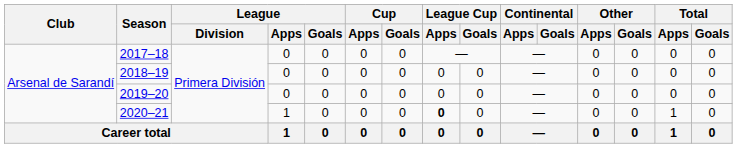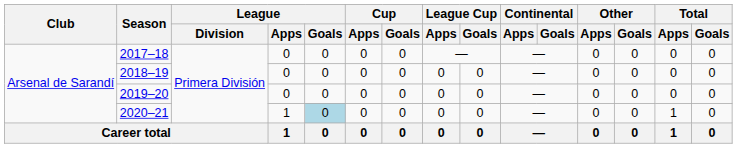 <table class="wikitable" style="text-align:center">
 <tr>
 <th rowspan="2">Club</th>
 <th rowspan="2">Season</th>
 <th colspan="3">League</th>
 <th colspan="2">Cup</th>
 <th colspan="2">League Cup</th>
 <th colspan="2">Continental</th>
 <th colspan="2">Other</th>
 <th colspan="2">Total</th>
 </tr>
 <tr>
 <th>Division</th>
 <th>Apps</th>
 <th>Goals</th>
 <th>Apps</th>
 <th>Goals</th>
 <th>Apps</th>
 <th>Goals</th>
 <th>Apps</th>
 <th>Goals</th>
 <th>Apps</th>
 <th>Goals</th>
 <th>Apps</th>
 <th>Goals</th>
 </tr>
 <tr>
 <td rowspan="4"><a href='#'>Arsenal de Sarandí</a></td>
 <td><a href='#'>2017–18</a></td>
 <td rowspan="4"><a href='#'>Primera División</a></td>
 <td>0</td>
 <td>0</td>
 <td>0</td>
 <td>0</td>
 <td colspan="2">—</td>
 <td colspan="2">—</td>
 <td>0</td>
 <td>0</td>
 <td>0</td>
 <td>0</td>
 </tr>
 <tr>
 <td><a href='#'>2018–19</a></td>
 <td>0</td>
 <td>0</td>
 <td>0</td>
 <td>0</td>
 <td>0</td>
 <td>0</td>
 <td colspan="2">—</td>
 <td>0</td>
 <td>0</td>
 <td>0</td>
 <td>0</td>
 </tr>
 <tr>
 <td><a href='#'>2019–20</a></td>
 <td>0</td>
 <td>0</td>
 <td>0</td>
 <td>0</td>
 <td>0</td>
 <td>0</td>
 <td colspan="2">—</td>
 <td>0</td>
 <td>0</td>
 <td>0</td>
 <td>0</td>
 </tr>
 <tr>
 <td><a href='#'>2020–21</a></td>
 <td>1</td>
+<td style="background: lightblue;">0</td>
 <td>0</td>
 <td>0</td>
 <td>0</td>
-<td><strong>0</strong></td>
 <td>0</td>
 <td colspan="2">—</td>
 <td>0</td>
 <td>0</td>
 <td>1</td>
 <td>0</td>
 </tr>
 <tr>
 <th colspan="3">Career total</th>
 <th>1</th>
 <th>0</th>
 <th>0</th>
 <th>0</th>
 <th>0</th>
 <th>0</th>
 <th colspan="2">—</th>
 <th>0</th>
 <th>0</th>
 <th>1</th>
 <th>0</th>
 </tr>
 </table>
